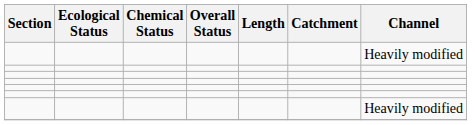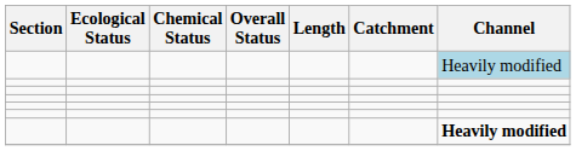 <table class="wikitable">
 <tr>
 <th>Section</th>
 <th>Ecological<br>Status</th>
 <th>Chemical<br>Status</th>
 <th>Overall<br>Status</th>
 <th>Length</th>
 <th>Catchment</th>
 <th>Channel</th>
 </tr>
 <tr>
 <td></td>
 <td></td>
 <td></td>
 <td></td>
 <td></td>
 <td></td>
-<td>Heavily modified</td>
+<td style="background: lightblue;">Heavily modified</td>
 </tr>
 <tr>
 <td></td>
 <td></td>
 <td></td>
 <td></td>
 <td></td>
 <td></td>
 <td></td>
 </tr>
 <tr>
 <td></td>
 <td></td>
 <td></td>
 <td></td>
 <td></td>
 <td></td>
 <td></td>
 </tr>
 <tr>
 <td></td>
 <td></td>
 <td></td>
 <td></td>
 <td></td>
 <td></td>
 <td></td>
 </tr>
 <tr>
 <td></td>
 <td></td>
 <td></td>
 <td></td>
 <td></td>
 <td></td>
 <td></td>
 </tr>
 <tr>
 <td></td>
 <td></td>
 <td></td>
 <td></td>
 <td></td>
 <td></td>
 <td></td>
 </tr>
 <tr>
 <td></td>
 <td></td>
 <td></td>
 <td></td>
 <td></td>
 <td></td>
-<td>Heavily modified</td>
+<td><strong>Heavily modified</strong></td>
 </tr>
 <tr>
 </tr>
 </table>
